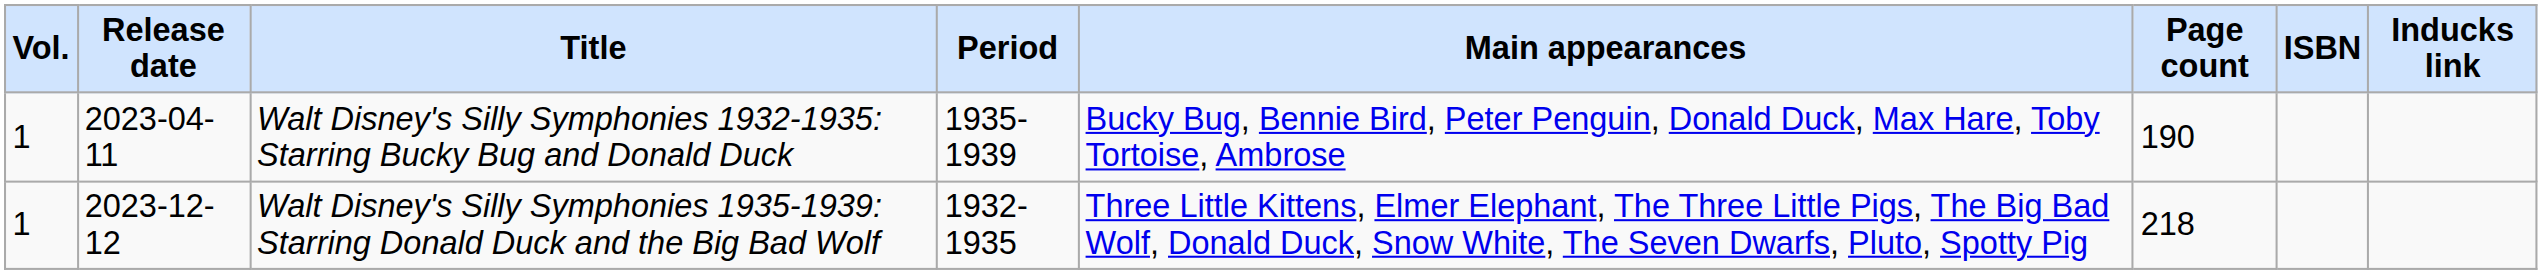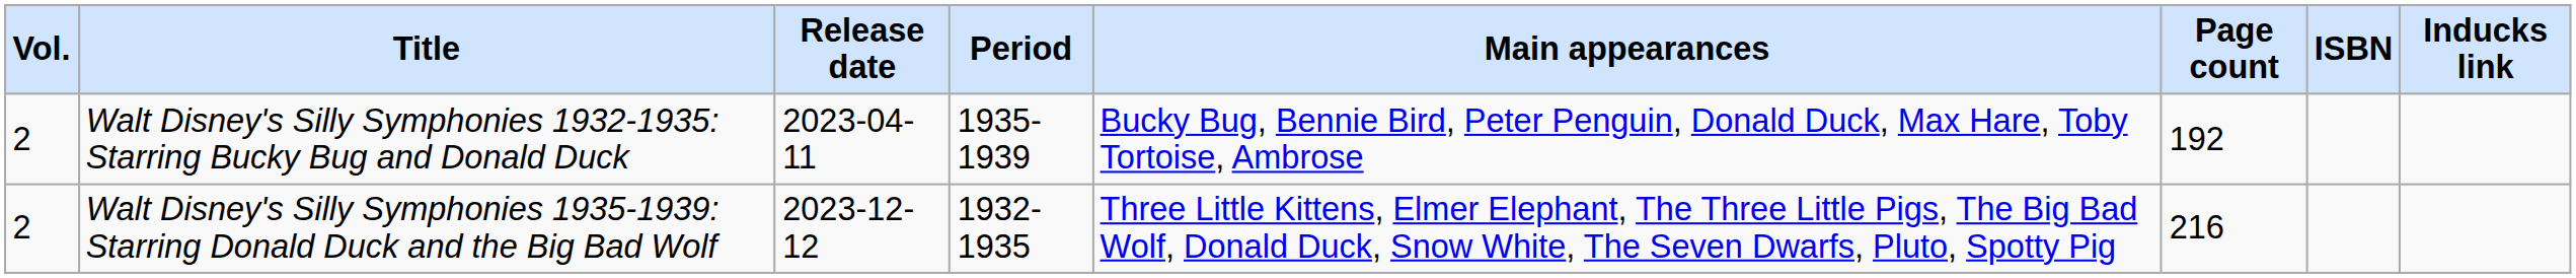 <table class="wikitable sortable">
 <tr>
 <th style="background-color:#D0E4FE" data-sort-type-"number">Vol.</th>
+<th style="background-color:#D0E4FE">Title</th>
 <th style="background-color:#D0E4FE">Release date</th>
-<th style="background-color:#D0E4FE">Title</th>
 <th style="background-color:#D0E4FE">Period</th>
 <th style="background-color:#D0E4FE">Main appearances</th>
 <th style="background-color:#D0E4FE">Page count</th>
 <th style="background-color:#D0E4FE">ISBN</th>
 <th style="background-color:#D0E4FE">Inducks link</th>
 </tr>
 <tr>
-<td>1</td>
+<td>2</td>
+<td><em>Walt Disney's Silly Symphonies 1932-1935: Starring Bucky Bug and Donald Duck</em></td>
 <td>2023-04-11</td>
-<td><em>Walt Disney's Silly Symphonies 1932-1935: Starring Bucky Bug and Donald Duck</em></td>
 <td>1935-1939</td>
 <td><a href='#'>Bucky Bug</a>, <a href='#'>Bennie Bird</a>, <a href='#'>Peter Penguin</a>, <a href='#'>Donald Duck</a>, <a href='#'>Max Hare</a>, <a href='#'>Toby Tortoise</a>, <a href='#'>Ambrose</a></td>
-<td>190</td>
+<td>192</td>
 <td></td>
 <td></td>
 </tr>
 <tr>
-<td>1</td>
+<td>2</td>
+<td><em>Walt Disney's Silly Symphonies 1935-1939: Starring Donald Duck and the Big Bad Wolf</em></td>
 <td>2023-12-12</td>
-<td><em>Walt Disney's Silly Symphonies 1935-1939: Starring Donald Duck and the Big Bad Wolf</em></td>
 <td>1932-1935</td>
 <td><a href='#'>Three Little Kittens</a>, <a href='#'>Elmer Elephant</a>, <a href='#'>The Three Little Pigs</a>, <a href='#'>The Big Bad Wolf</a>, <a href='#'>Donald Duck</a>, <a href='#'>Snow White</a>, <a href='#'>The Seven Dwarfs</a>, <a href='#'>Pluto</a>, <a href='#'>Spotty Pig</a></td>
-<td>218</td>
+<td>216</td>
 <td></td>
 <td></td>
 </tr>
 </table>
